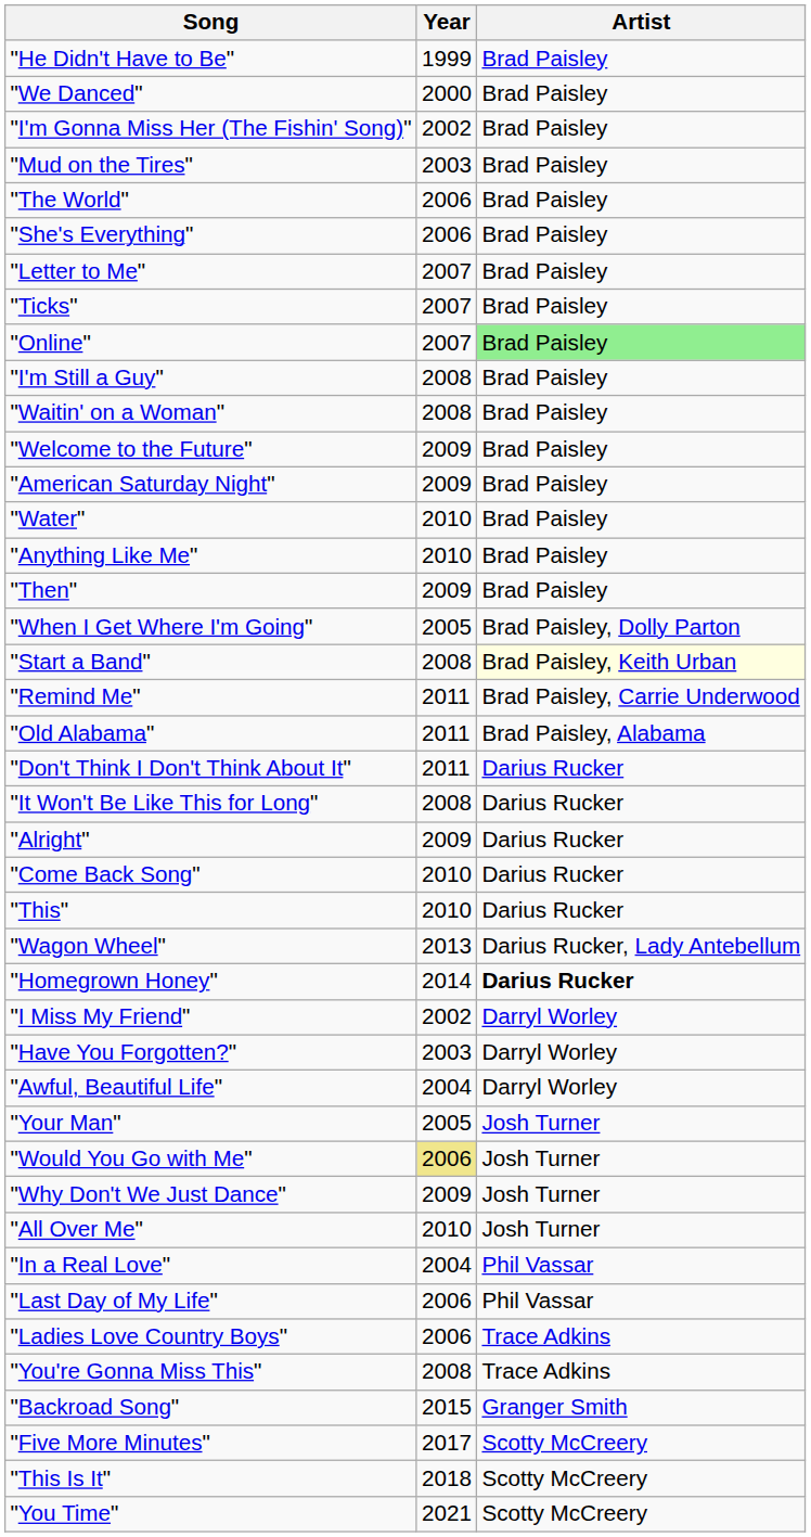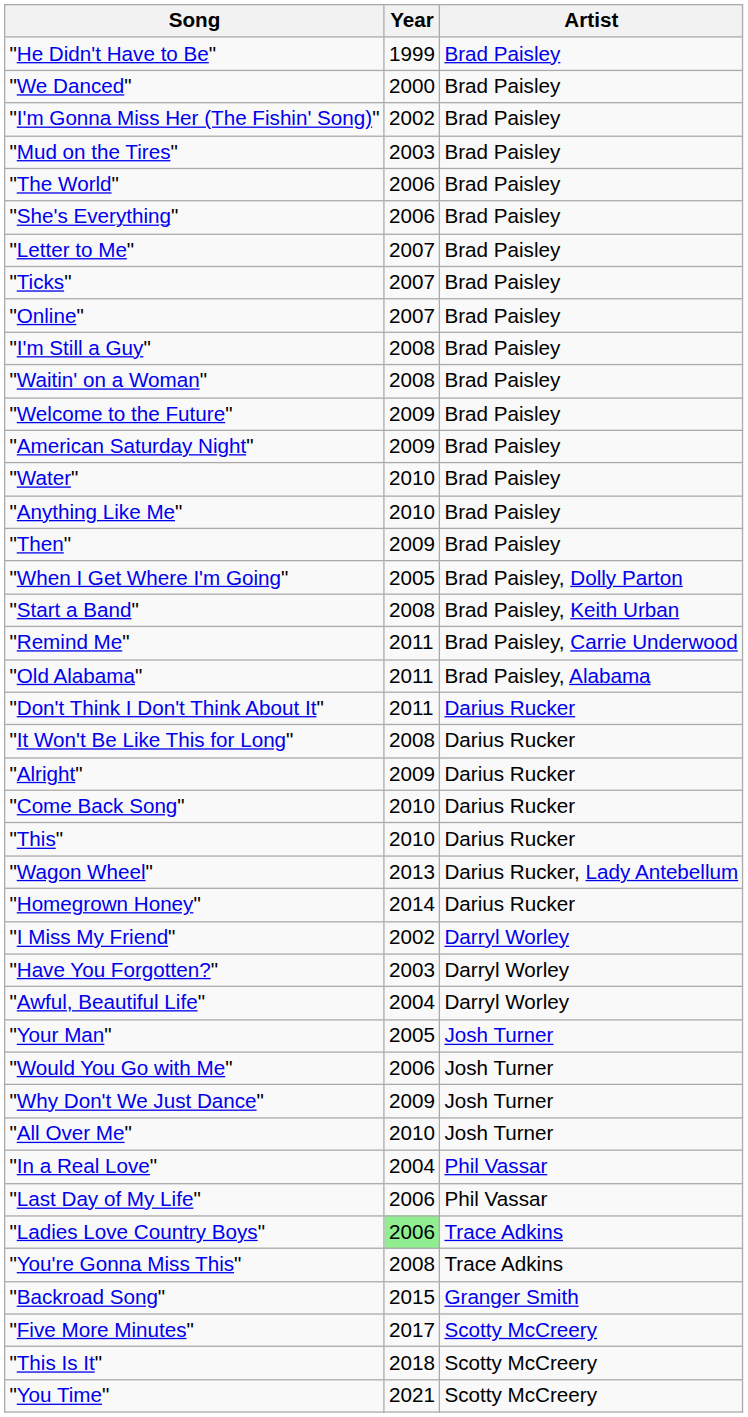 <table class="wikitable plainrowheaders">
 <tr>
 <th scope="col">Song</th>
 <th scope="col">Year</th>
 <th scope="col">Artist</th>
 </tr>
 <tr>
 <td>"<a href='#'>He Didn't Have to Be</a>"</td>
 <td>1999</td>
 <td><a href='#'>Brad Paisley</a></td>
 </tr>
 <tr>
 <td>"<a href='#'>We Danced</a>"</td>
 <td>2000</td>
 <td>Brad Paisley</td>
 </tr>
 <tr>
 <td>"<a href='#'>I'm Gonna Miss Her (The Fishin' Song)</a>"</td>
 <td>2002</td>
 <td>Brad Paisley</td>
 </tr>
 <tr>
 <td>"<a href='#'>Mud on the Tires</a>"</td>
 <td>2003</td>
 <td>Brad Paisley</td>
 </tr>
 <tr>
 <td>"<a href='#'>The World</a>"</td>
 <td>2006</td>
 <td>Brad Paisley</td>
 </tr>
 <tr>
 <td>"<a href='#'>She's Everything</a>"</td>
 <td>2006</td>
 <td>Brad Paisley</td>
 </tr>
 <tr>
 <td>"<a href='#'>Letter to Me</a>"</td>
 <td>2007</td>
 <td>Brad Paisley</td>
 </tr>
 <tr>
 <td>"<a href='#'>Ticks</a>"</td>
 <td>2007</td>
 <td>Brad Paisley</td>
 </tr>
 <tr>
 <td>"<a href='#'>Online</a>"</td>
 <td>2007</td>
-<td style="background: lightgreen;">Brad Paisley</td>
+<td>Brad Paisley</td>
 </tr>
 <tr>
 <td>"<a href='#'>I'm Still a Guy</a>"</td>
 <td>2008</td>
 <td>Brad Paisley</td>
 </tr>
 <tr>
 <td>"<a href='#'>Waitin' on a Woman</a>"</td>
 <td>2008</td>
 <td>Brad Paisley</td>
 </tr>
 <tr>
 <td>"<a href='#'>Welcome to the Future</a>"</td>
 <td>2009</td>
 <td>Brad Paisley</td>
 </tr>
 <tr>
 <td>"<a href='#'>American Saturday Night</a>"</td>
 <td>2009</td>
 <td>Brad Paisley</td>
 </tr>
 <tr>
 <td>"<a href='#'>Water</a>"</td>
 <td>2010</td>
 <td>Brad Paisley</td>
 </tr>
 <tr>
 <td>"<a href='#'>Anything Like Me</a>"</td>
 <td>2010</td>
 <td>Brad Paisley</td>
 </tr>
 <tr>
 <td>"<a href='#'>Then</a>"</td>
 <td>2009</td>
 <td>Brad Paisley</td>
 </tr>
 <tr>
 <td>"<a href='#'>When I Get Where I'm Going</a>"</td>
 <td>2005</td>
 <td>Brad Paisley, <a href='#'>Dolly Parton</a></td>
 </tr>
 <tr>
 <td>"<a href='#'>Start a Band</a>"</td>
 <td>2008</td>
-<td style="background: lightyellow;">Brad Paisley, <a href='#'>Keith Urban</a></td>
+<td>Brad Paisley, <a href='#'>Keith Urban</a></td>
 </tr>
 <tr>
 <td>"<a href='#'>Remind Me</a>"</td>
 <td>2011</td>
 <td>Brad Paisley, <a href='#'>Carrie Underwood</a></td>
 </tr>
 <tr>
 <td>"<a href='#'>Old Alabama</a>"</td>
 <td>2011</td>
 <td>Brad Paisley, <a href='#'>Alabama</a></td>
 </tr>
 <tr>
 <td>"<a href='#'>Don't Think I Don't Think About It</a>"</td>
 <td>2011</td>
 <td><a href='#'>Darius Rucker</a></td>
 </tr>
 <tr>
 <td>"<a href='#'>It Won't Be Like This for Long</a>"</td>
 <td>2008</td>
 <td>Darius Rucker</td>
 </tr>
 <tr>
 <td>"<a href='#'>Alright</a>"</td>
 <td>2009</td>
 <td>Darius Rucker</td>
 </tr>
 <tr>
 <td>"<a href='#'>Come Back Song</a>"</td>
 <td>2010</td>
 <td>Darius Rucker</td>
 </tr>
 <tr>
 <td>"<a href='#'>This</a>"</td>
 <td>2010</td>
 <td>Darius Rucker</td>
 </tr>
 <tr>
 <td>"<a href='#'>Wagon Wheel</a>"</td>
 <td>2013</td>
 <td>Darius Rucker, <a href='#'>Lady Antebellum</a></td>
 </tr>
 <tr>
 <td>"<a href='#'>Homegrown Honey</a>"</td>
 <td>2014</td>
-<td><strong>Darius Rucker</strong></td>
+<td>Darius Rucker</td>
 </tr>
 <tr>
 <td>"<a href='#'>I Miss My Friend</a>"</td>
 <td>2002</td>
 <td><a href='#'>Darryl Worley</a></td>
 </tr>
 <tr>
 <td>"<a href='#'>Have You Forgotten?</a>"</td>
 <td>2003</td>
 <td>Darryl Worley</td>
 </tr>
 <tr>
 <td>"<a href='#'>Awful, Beautiful Life</a>"</td>
 <td>2004</td>
 <td>Darryl Worley</td>
 </tr>
 <tr>
 <td>"<a href='#'>Your Man</a>"</td>
 <td>2005</td>
 <td><a href='#'>Josh Turner</a></td>
 </tr>
 <tr>
 <td>"<a href='#'>Would You Go with Me</a>"</td>
-<td style="background: khaki;">2006</td>
+<td>2006</td>
 <td>Josh Turner</td>
 </tr>
 <tr>
 <td>"<a href='#'>Why Don't We Just Dance</a>"</td>
 <td>2009</td>
 <td>Josh Turner</td>
 </tr>
 <tr>
 <td>"<a href='#'>All Over Me</a>"</td>
 <td>2010</td>
 <td>Josh Turner</td>
 </tr>
 <tr>
 <td>"<a href='#'>In a Real Love</a>"</td>
 <td>2004</td>
 <td><a href='#'>Phil Vassar</a></td>
 </tr>
 <tr>
 <td>"<a href='#'>Last Day of My Life</a>"</td>
 <td>2006</td>
 <td>Phil Vassar</td>
 </tr>
 <tr>
 <td>"<a href='#'>Ladies Love Country Boys</a>"</td>
-<td>2006</td>
+<td style="background: lightgreen;">2006</td>
 <td><a href='#'>Trace Adkins</a></td>
 </tr>
 <tr>
 <td>"<a href='#'>You're Gonna Miss This</a>"</td>
 <td>2008</td>
 <td>Trace Adkins</td>
 </tr>
 <tr>
 <td>"<a href='#'>Backroad Song</a>"</td>
 <td>2015</td>
 <td><a href='#'>Granger Smith</a></td>
 </tr>
 <tr>
 <td>"<a href='#'>Five More Minutes</a>"</td>
 <td>2017</td>
 <td><a href='#'>Scotty McCreery</a></td>
 </tr>
 <tr>
 <td>"<a href='#'>This Is It</a>"</td>
 <td>2018</td>
 <td>Scotty McCreery</td>
 </tr>
 <tr>
 <td>"<a href='#'>You Time</a>"</td>
 <td>2021</td>
 <td>Scotty McCreery</td>
 </tr>
 </table>
